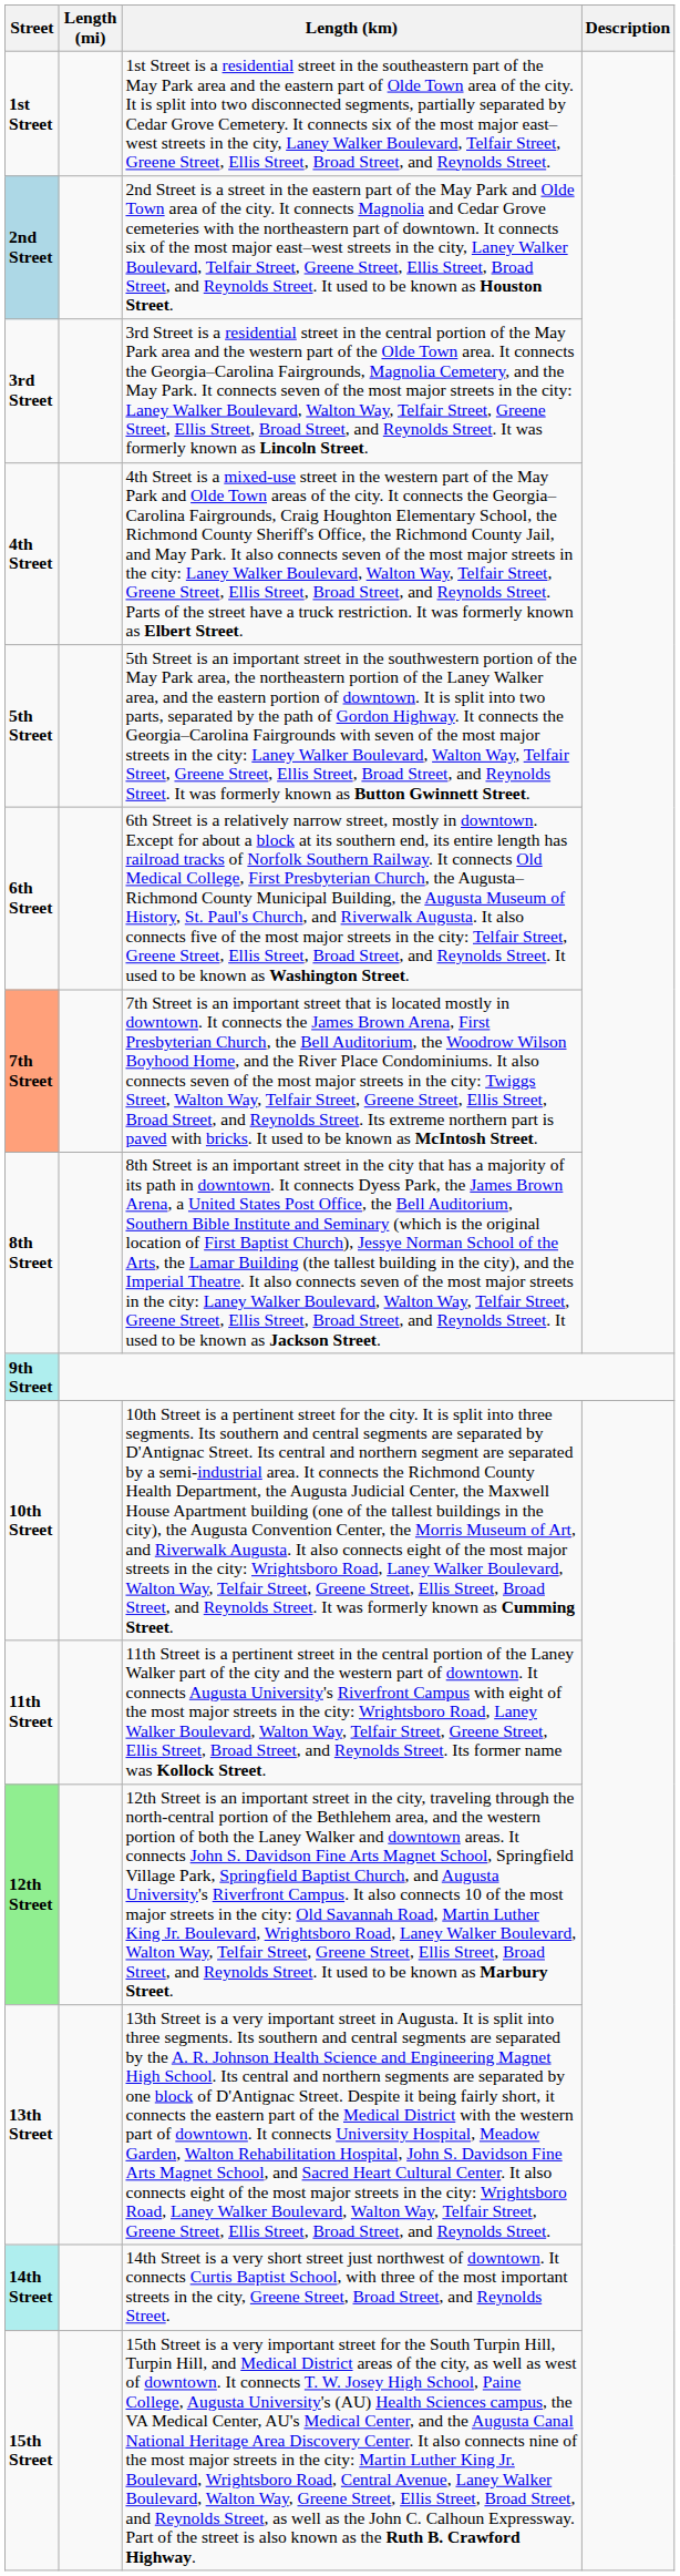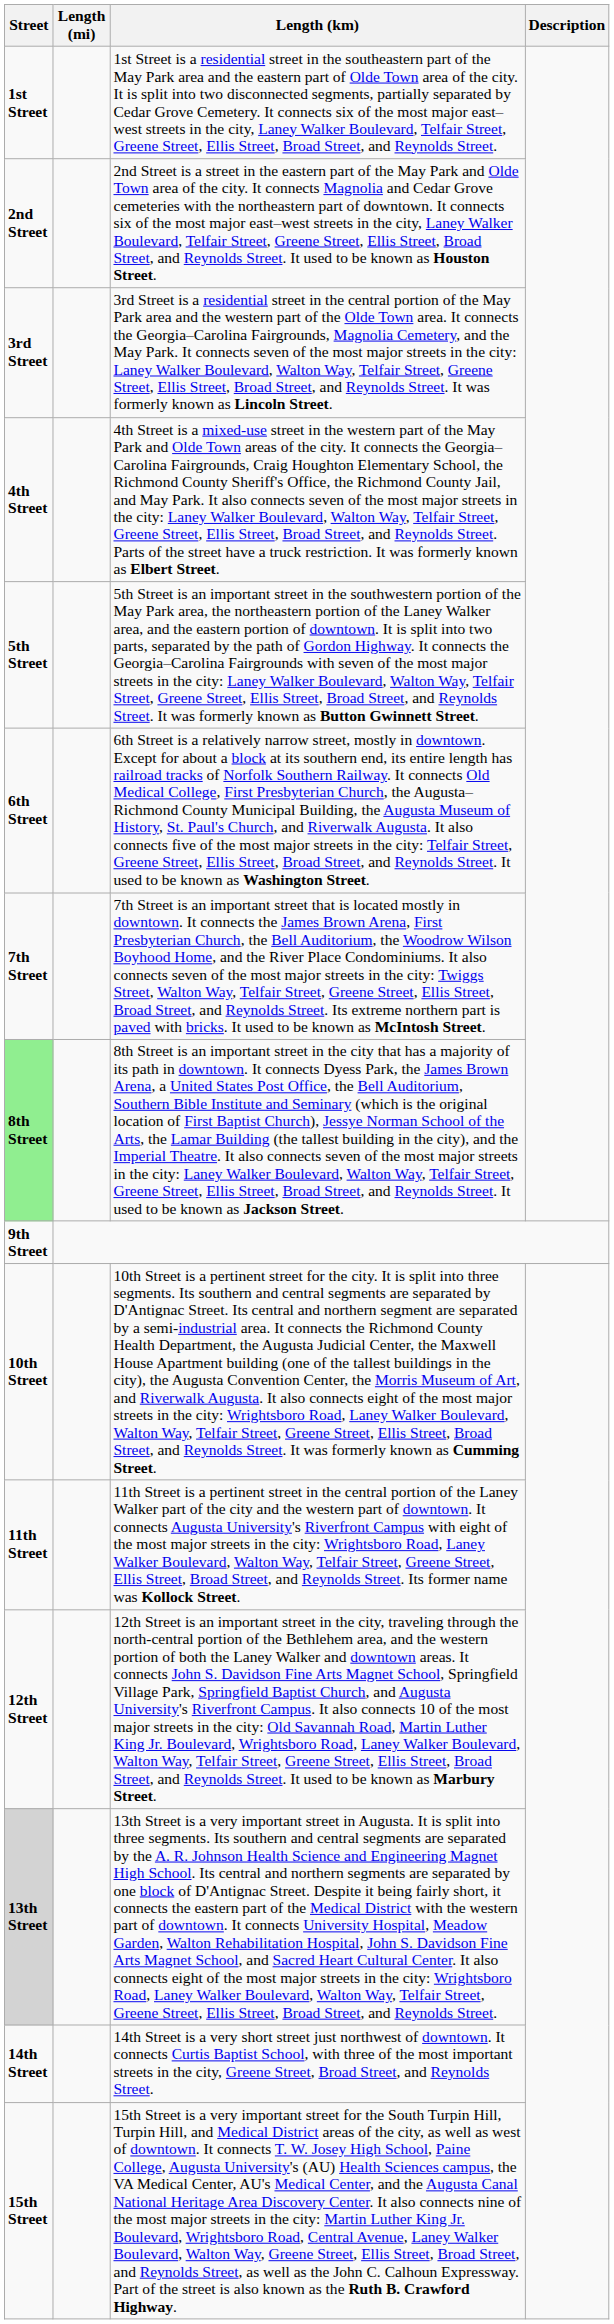 <table class="sortable wikitable" style="margin:auto;">
 <tr>
 <th scope="col">Street</th>
 <th scope="col">Length (mi)</th>
 <th scope="col">Length (km)</th>
 <th class="unsortable">Description</th>
 </tr>
 <tr>
 <td> <strong>1st Street</strong></td>
 <td></td>
 <td>1st Street is a <a href='#'>residential</a> street in the southeastern part of the May Park area and the eastern part of <a href='#'>Olde Town</a> area of the city. It is split into two disconnected segments, partially separated by Cedar Grove Cemetery. It connects six of the most major east–west streets in the city, <a href='#'>Laney Walker Boulevard</a>, <a href='#'>Telfair Street</a>, <a href='#'>Greene Street</a>, <a href='#'>Ellis Street</a>, <a href='#'>Broad Street</a>, and <a href='#'>Reynolds Street</a>.</td>
 </tr>
 <tr>
-<td style="background: lightblue;"> <strong>2nd Street</strong></td>
+<td> <strong>2nd Street</strong></td>
 <td></td>
 <td>2nd Street is a street in the eastern part of the May Park and <a href='#'>Olde Town</a> area of the city. It connects <a href='#'>Magnolia</a> and Cedar Grove cemeteries with the northeastern part of downtown. It connects six of the most major east–west streets in the city, <a href='#'>Laney Walker Boulevard</a>, <a href='#'>Telfair Street</a>, <a href='#'>Greene Street</a>, <a href='#'>Ellis Street</a>, <a href='#'>Broad Street</a>, and <a href='#'>Reynolds Street</a>. It used to be known as <strong>Houston Street</strong>.</td>
 </tr>
 <tr>
 <td> <strong>3rd Street</strong></td>
 <td></td>
 <td>3rd Street is a <a href='#'>residential</a> street in the central portion of the May Park area and the western part of the <a href='#'>Olde Town</a> area. It connects the Georgia–Carolina Fairgrounds, <a href='#'>Magnolia Cemetery</a>, and the May Park. It connects seven of the most major streets in the city: <a href='#'>Laney Walker Boulevard</a>, <a href='#'>Walton Way</a>, <a href='#'>Telfair Street</a>, <a href='#'>Greene Street</a>, <a href='#'>Ellis Street</a>, <a href='#'>Broad Street</a>, and <a href='#'>Reynolds Street</a>. It was formerly known as <strong>Lincoln Street</strong>.</td>
 </tr>
 <tr>
 <td> <strong>4th Street</strong></td>
 <td></td>
 <td>4th Street is a <a href='#'>mixed-use</a> street in the western part of the May Park and <a href='#'>Olde Town</a> areas of the city. It connects the Georgia–Carolina Fairgrounds, Craig Houghton Elementary School, the Richmond County Sheriff's Office, the Richmond County Jail, and May Park. It also connects seven of the most major streets in the city: <a href='#'>Laney Walker Boulevard</a>, <a href='#'>Walton Way</a>, <a href='#'>Telfair Street</a>, <a href='#'>Greene Street</a>, <a href='#'>Ellis Street</a>, <a href='#'>Broad Street</a>, and <a href='#'>Reynolds Street</a>. Parts of the street have a truck restriction. It was formerly known as <strong>Elbert Street</strong>.</td>
 </tr>
 <tr>
 <td> <strong>5th Street</strong></td>
 <td></td>
 <td>5th Street is an important street in the southwestern portion of the May Park area, the northeastern portion of the Laney Walker area, and the eastern portion of <a href='#'>downtown</a>. It is split into two parts, separated by the path of <a href='#'>Gordon Highway</a>. It connects the Georgia–Carolina Fairgrounds with seven of the most major streets in the city: <a href='#'>Laney Walker Boulevard</a>, <a href='#'>Walton Way</a>, <a href='#'>Telfair Street</a>, <a href='#'>Greene Street</a>, <a href='#'>Ellis Street</a>, <a href='#'>Broad Street</a>, and <a href='#'>Reynolds Street</a>. It was formerly known as <strong>Button Gwinnett Street</strong>.</td>
 </tr>
 <tr>
 <td> <strong>6th Street</strong></td>
 <td></td>
 <td>6th Street is a relatively narrow street, mostly in <a href='#'>downtown</a>. Except for about a <a href='#'>block</a> at its southern end, its entire length has <a href='#'>railroad tracks</a> of <a href='#'>Norfolk Southern Railway</a>. It connects <a href='#'>Old Medical College</a>, <a href='#'>First Presbyterian Church</a>, the Augusta–Richmond County Municipal Building, the <a href='#'>Augusta Museum of History</a>, <a href='#'>St. Paul's Church</a>, and <a href='#'>Riverwalk Augusta</a>. It also connects five of the most major streets in the city: <a href='#'>Telfair Street</a>, <a href='#'>Greene Street</a>, <a href='#'>Ellis Street</a>, <a href='#'>Broad Street</a>, and <a href='#'>Reynolds Street</a>. It used to be known as <strong>Washington Street</strong>.</td>
 </tr>
 <tr>
-<td style="background: lightsalmon;"> <strong>7th Street</strong></td>
+<td> <strong>7th Street</strong></td>
 <td></td>
 <td>7th Street is an important street that is located mostly in <a href='#'>downtown</a>. It connects the <a href='#'>James Brown Arena</a>, <a href='#'>First Presbyterian Church</a>, the <a href='#'>Bell Auditorium</a>, the <a href='#'>Woodrow Wilson Boyhood Home</a>, and the River Place Condominiums. It also connects seven of the most major streets in the city: <a href='#'>Twiggs Street</a>, <a href='#'>Walton Way</a>, <a href='#'>Telfair Street</a>, <a href='#'>Greene Street</a>, <a href='#'>Ellis Street</a>, <a href='#'>Broad Street</a>, and <a href='#'>Reynolds Street</a>. Its extreme northern part is <a href='#'>paved</a> with <a href='#'>bricks</a>. It used to be known as <strong>McIntosh Street</strong>.</td>
 </tr>
 <tr>
-<td> <strong>8th Street</strong></td>
+<td style="background: lightgreen;"> <strong>8th Street</strong></td>
 <td></td>
 <td>8th Street is an important street in the city that has a majority of its path in <a href='#'>downtown</a>. It connects Dyess Park, the <a href='#'>James Brown Arena</a>, a <a href='#'>United States Post Office</a>, the <a href='#'>Bell Auditorium</a>, <a href='#'>Southern Bible Institute and Seminary</a> (which is the original location of <a href='#'>First Baptist Church</a>), <a href='#'>Jessye Norman School of the Arts</a>, the <a href='#'>Lamar Building</a> (the tallest building in the city), and the <a href='#'>Imperial Theatre</a>. It also connects seven of the most major streets in the city: <a href='#'>Laney Walker Boulevard</a>, <a href='#'>Walton Way</a>, <a href='#'>Telfair Street</a>, <a href='#'>Greene Street</a>, <a href='#'>Ellis Street</a>, <a href='#'>Broad Street</a>, and <a href='#'>Reynolds Street</a>. It used to be known as <strong>Jackson Street</strong>.</td>
 </tr>
 <tr>
-<td style="background: paleturquoise;"><strong>9th Street</strong></td>
+<td><strong>9th Street</strong></td>
 <td colspan="3" style="text-align: center;"></td>
 </tr>
 <tr>
 <td> <strong>10th Street</strong></td>
 <td></td>
 <td>10th Street is a pertinent street for the city. It is split into three segments. Its southern and central segments are separated by D'Antignac Street. Its central and northern segment are separated by a semi-<a href='#'>industrial</a> area. It connects the Richmond County Health Department, the Augusta Judicial Center, the Maxwell House Apartment building (one of the tallest buildings in the city), the Augusta Convention Center, the <a href='#'>Morris Museum of Art</a>, and <a href='#'>Riverwalk Augusta</a>. It also connects eight of the most major streets in the city: <a href='#'>Wrightsboro Road</a>, <a href='#'>Laney Walker Boulevard</a>, <a href='#'>Walton Way</a>, <a href='#'>Telfair Street</a>, <a href='#'>Greene Street</a>, <a href='#'>Ellis Street</a>, <a href='#'>Broad Street</a>, and <a href='#'>Reynolds Street</a>. It was formerly known as <strong>Cumming Street</strong>.</td>
 </tr>
 <tr>
 <td> <strong>11th Street</strong></td>
 <td></td>
 <td>11th Street is a pertinent street in the central portion of the Laney Walker part of the city and the western part of <a href='#'>downtown</a>. It connects <a href='#'>Augusta University</a>'s <a href='#'>Riverfront Campus</a> with eight of the most major streets in the city: <a href='#'>Wrightsboro Road</a>, <a href='#'>Laney Walker Boulevard</a>, <a href='#'>Walton Way</a>, <a href='#'>Telfair Street</a>, <a href='#'>Greene Street</a>, <a href='#'>Ellis Street</a>, <a href='#'>Broad Street</a>, and <a href='#'>Reynolds Street</a>. Its former name was <strong>Kollock Street</strong>.</td>
 </tr>
 <tr>
-<td style="background: lightgreen;"> <strong>12th Street</strong></td>
+<td> <strong>12th Street</strong></td>
 <td></td>
 <td>12th Street is an important street in the city, traveling through the north-central portion of the Bethlehem area, and the western portion of both the Laney Walker and <a href='#'>downtown</a> areas. It connects <a href='#'>John S. Davidson Fine Arts Magnet School</a>, Springfield Village Park, <a href='#'>Springfield Baptist Church</a>, and <a href='#'>Augusta University</a>'s <a href='#'>Riverfront Campus</a>. It also connects 10 of the most major streets in the city: <a href='#'>Old Savannah Road</a>, <a href='#'>Martin Luther King Jr. Boulevard</a>, <a href='#'>Wrightsboro Road</a>, <a href='#'>Laney Walker Boulevard</a>, <a href='#'>Walton Way</a>, <a href='#'>Telfair Street</a>, <a href='#'>Greene Street</a>, <a href='#'>Ellis Street</a>, <a href='#'>Broad Street</a>, and <a href='#'>Reynolds Street</a>. It used to be known as <strong>Marbury Street</strong>.</td>
 </tr>
 <tr>
-<td> <strong>13th Street</strong></td>
+<td style="background: lightgrey;"> <strong>13th Street</strong></td>
 <td></td>
 <td>13th Street is a very important street in Augusta. It is split into three segments. Its southern and central segments are separated by the <a href='#'>A. R. Johnson Health Science and Engineering Magnet High School</a>. Its central and northern segments are separated by one <a href='#'>block</a> of D'Antignac Street. Despite it being fairly short, it connects the eastern part of the <a href='#'>Medical District</a> with the western part of <a href='#'>downtown</a>. It connects <a href='#'>University Hospital</a>, <a href='#'>Meadow Garden</a>, <a href='#'>Walton Rehabilitation Hospital</a>, <a href='#'>John S. Davidson Fine Arts Magnet School</a>, and <a href='#'>Sacred Heart Cultural Center</a>. It also connects eight of the most major streets in the city: <a href='#'>Wrightsboro Road</a>, <a href='#'>Laney Walker Boulevard</a>, <a href='#'>Walton Way</a>, <a href='#'>Telfair Street</a>, <a href='#'>Greene Street</a>, <a href='#'>Ellis Street</a>, <a href='#'>Broad Street</a>, and <a href='#'>Reynolds Street</a>.</td>
 </tr>
 <tr>
-<td style="background: paleturquoise;"> <strong>14th Street</strong></td>
+<td> <strong>14th Street</strong></td>
 <td></td>
 <td>14th Street is a very short street just northwest of <a href='#'>downtown</a>. It connects <a href='#'>Curtis Baptist School</a>, with three of the most important streets in the city, <a href='#'>Greene Street</a>, <a href='#'>Broad Street</a>, and <a href='#'>Reynolds Street</a>.</td>
 </tr>
 <tr>
 <td> <strong>15th Street</strong></td>
 <td></td>
 <td>15th Street is a very important street for the South Turpin Hill, Turpin Hill, and <a href='#'>Medical District</a> areas of the city, as well as west of <a href='#'>downtown</a>. It connects <a href='#'>T. W. Josey High School</a>, <a href='#'>Paine College</a>, <a href='#'>Augusta University</a>'s (AU) <a href='#'>Health Sciences campus</a>, the VA Medical Center, AU's <a href='#'>Medical Center</a>, and the <a href='#'>Augusta Canal National Heritage Area Discovery Center</a>. It also connects nine of the most major streets in the city: <a href='#'>Martin Luther King Jr. Boulevard</a>, <a href='#'>Wrightsboro Road</a>, <a href='#'>Central Avenue</a>, <a href='#'>Laney Walker Boulevard</a>, <a href='#'>Walton Way</a>, <a href='#'>Greene Street</a>, <a href='#'>Ellis Street</a>, <a href='#'>Broad Street</a>, and <a href='#'>Reynolds Street</a>, as well as the John C. Calhoun Expressway. Part of the street is also known as the <strong>Ruth B. Crawford Highway</strong>.</td>
 </tr>
 </table>
